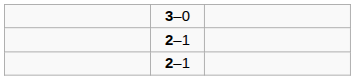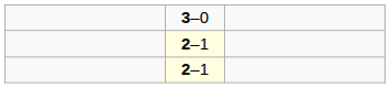 <table class="wikitable">
 <tr>
 <td width=150><strong></strong></td>
 <td style="width:50px" align=center><strong>3</strong>–0</td>
 <td width=150></td>
 </tr>
 <tr>
 <td width=150><strong></strong></td>
-<td style="width:50px" align=center><strong>2</strong>–1</td>
+<td style="background: lightyellow; width:50px" align=center><strong>2</strong>–1</td>
 <td width=150></td>
 </tr>
 <tr>
 <td width=150><strong></strong></td>
-<td style="width:50px" align=center><strong>2</strong>–1</td>
+<td style="background: lightyellow; width:50px" align=center><strong>2</strong>–1</td>
 <td width=150></td>
 </tr>
 </table>
